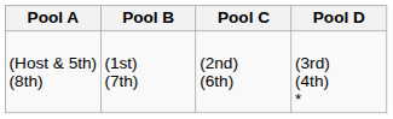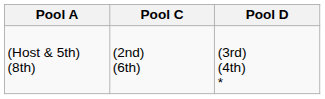 <table class="wikitable">
 <tr>
 <th width=25%>Pool A</th>
-<th width=25%>Pool B</th>
 <th width=25%>Pool C</th>
 <th width=25%>Pool D</th>
 </tr>
 <tr>
 <td valign=top><br> (Host & 5th)<br>  (8th)<br> </td>
-<td valign=top><br> (1st)<br>  (7th)<br> </td>
 <td valign=top><br> (2nd)<br>  (6th)<br> </td>
 <td><br> (3rd)<br>  (4th)<br> <s></s> *<br> </td>
 </tr>
 </table>
